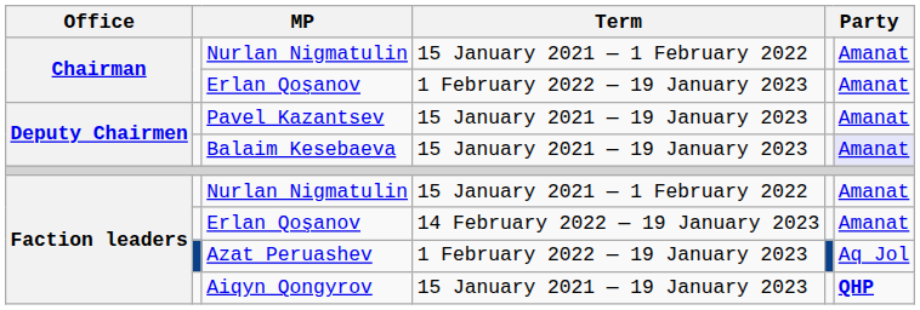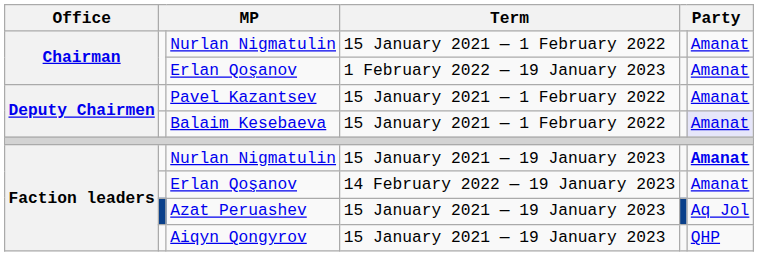 <table class="wikitable">
 <tr>
 <th>Office</th>
 <th colspan="2">MP</th>
 <th>Term</th>
 <th colspan="2">Party</th>
 </tr>
 <tr>
 <th rowspan="2"><a href='#'>Chairman</a></th>
 <td rowspan="2" style="background-color:"></td>
 <td><a href='#'>Nurlan Nigmatulin</a></td>
 <td>15 January 2021 — 1 February 2022</td>
 <td style="background-color:"></td>
 <td><a href='#'>Amanat</a></td>
 </tr>
 <tr>
 <td><a href='#'>Erlan Qoşanov</a></td>
 <td>1 February 2022 — 19 January 2023</td>
 <td style="background-color:"></td>
 <td><a href='#'>Amanat</a></td>
 </tr>
 <tr>
 <th rowspan="2"><a href='#'>Deputy Chairmen</a></th>
 <td style="background-color:"></td>
 <td><a href='#'>Pavel Kazantsev</a></td>
-<td>15 January 2021 — 19 January 2023</td>
+<td>15 January 2021 — 1 February 2022</td>
 <td style="background-color:"></td>
 <td><a href='#'>Amanat</a></td>
 </tr>
 <tr>
 <td style="background-color:"></td>
 <td><a href='#'>Balaim Kesebaeva</a></td>
-<td>15 January 2021 — 19 January 2023</td>
+<td>15 January 2021 — 1 February 2022</td>
 <td style="background-color:"></td>
 <td style="background: lavender;"><a href='#'>Amanat</a></td>
 </tr>
 <tr>
 <td colspan="7;" data-darkreader-inline-bgcolor="" bgcolor="lightgrey"></td>
 </tr>
 <tr>
 <th rowspan="4">Faction leaders</th>
 <td style="background-color:"></td>
 <td><a href='#'>Nurlan Nigmatulin</a></td>
-<td>15 January 2021 — 1 February 2022</td>
+<td>15 January 2021 — 19 January 2023</td>
 <td style="background-color:"></td>
-<td><a href='#'>Amanat</a></td>
+<td><strong><a href='#'>Amanat</a></strong></td>
 </tr>
 <tr>
 <td style="background-color:"></td>
 <td><a href='#'>Erlan Qoşanov</a></td>
 <td>14 February 2022 — 19 January 2023</td>
 <td style="background-color:"></td>
 <td><a href='#'>Amanat</a></td>
 </tr>
 <tr>
 <td data-darkreader-inline-bgcolor="" style="background-color:#0A408A"></td>
 <td><a href='#'>Azat Peruashev</a></td>
-<td>1 February 2022 — 19 January 2023</td>
+<td>15 January 2021 — 19 January 2023</td>
 <td data-darkreader-inline-bgcolor="" style="background-color:#0A408A"></td>
 <td><a href='#'>Aq Jol</a></td>
 </tr>
 <tr>
 <td style="background-color:"></td>
 <td><a href='#'>Aiqyn Qongyrov</a></td>
 <td>15 January 2021 — 19 January 2023</td>
 <td style="background-color:"></td>
-<td><strong><a href='#'>QHP</a></strong></td>
+<td><a href='#'>QHP</a></td>
 </tr>
 </table>
